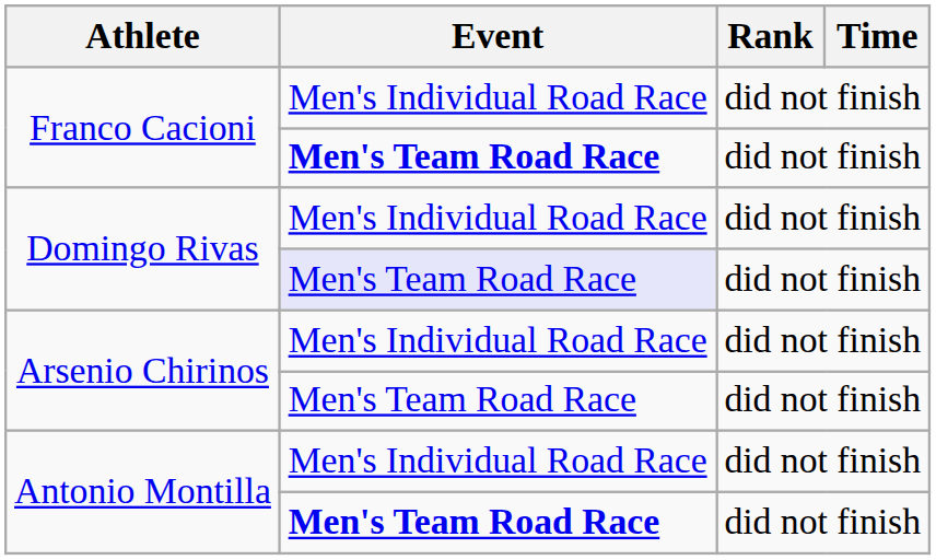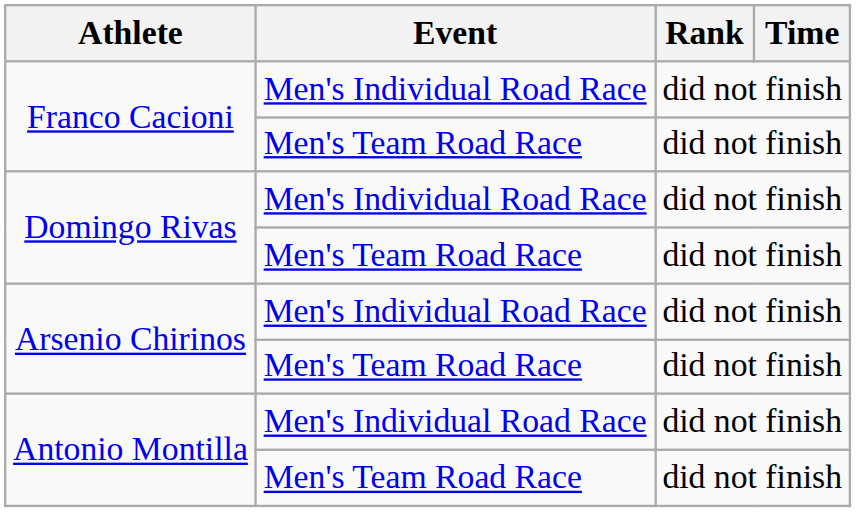 <table class="wikitable" border="1" style="font-size:90%">
 <tr>
 <th>Athlete</th>
 <th>Event</th>
 <th>Rank</th>
 <th>Time</th>
 </tr>
 <tr align=center>
 <td rowspan=2><a href='#'>Franco Cacioni</a></td>
 <td align=left><a href='#'>Men's Individual Road Race</a></td>
 <td colspan=2>did not finish</td>
 </tr>
 <tr align=center>
-<td align=left><strong><a href='#'>Men's Team Road Race</a></strong></td>
+<td align=left><a href='#'>Men's Team Road Race</a></td>
 <td colspan=2>did not finish</td>
 </tr>
 <tr align=center>
 <td rowspan=2><a href='#'>Domingo Rivas</a></td>
 <td align=left><a href='#'>Men's Individual Road Race</a></td>
 <td colspan=2>did not finish</td>
 </tr>
 <tr align=center>
-<td align=left style="background: lavender;"><a href='#'>Men's Team Road Race</a></td>
+<td align=left><a href='#'>Men's Team Road Race</a></td>
 <td colspan=2>did not finish</td>
 </tr>
 <tr align=center>
 <td rowspan=2><a href='#'>Arsenio Chirinos</a></td>
 <td align=left><a href='#'>Men's Individual Road Race</a></td>
 <td colspan=2>did not finish</td>
 </tr>
 <tr align=center>
 <td align=left><a href='#'>Men's Team Road Race</a></td>
 <td colspan=2>did not finish</td>
 </tr>
 <tr align=center>
 <td rowspan=2><a href='#'>Antonio Montilla</a></td>
 <td align=left><a href='#'>Men's Individual Road Race</a></td>
 <td colspan=2>did not finish</td>
 </tr>
 <tr align=center>
-<td align=left><strong><a href='#'>Men's Team Road Race</a></strong></td>
+<td align=left><a href='#'>Men's Team Road Race</a></td>
 <td colspan=2>did not finish</td>
 </tr>
 </table>
